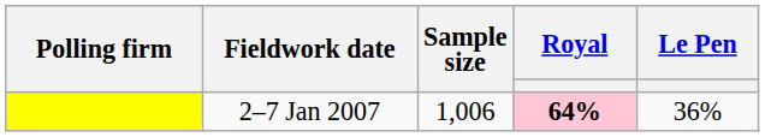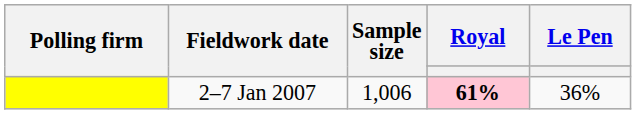 <table class="wikitable sortable" style="text-align:center;font-size:90%;line-height:14px;">
 <tr style="height:40px;">
 <th style="width:100px;" rowspan="2">Polling firm</th>
 <th style="width:110px;" rowspan="2">Fieldwork date</th>
 <th style="width:35px;" rowspan="2">Sample<br>size</th>
 <th class="unsortable" style="width:60px;"><a href='#'>Royal</a><br></th>
 <th class="unsortable" style="width:60px;"><a href='#'>Le Pen</a><br></th>
 </tr>
 <tr>
 <th style="background:"></th>
 <th style="background:"></th>
 </tr>
 <tr>
 <td style="background:yellow;"></td>
 <td data-sort-value="2007-01-07">2–7 Jan 2007</td>
 <td>1,006</td>
-<td style="background:#FFC6D5;"><strong>64%</strong></td>
+<td style="background:#FFC6D5;"><strong>61%</strong></td>
 <td>36%</td>
 </tr>
 </table>
